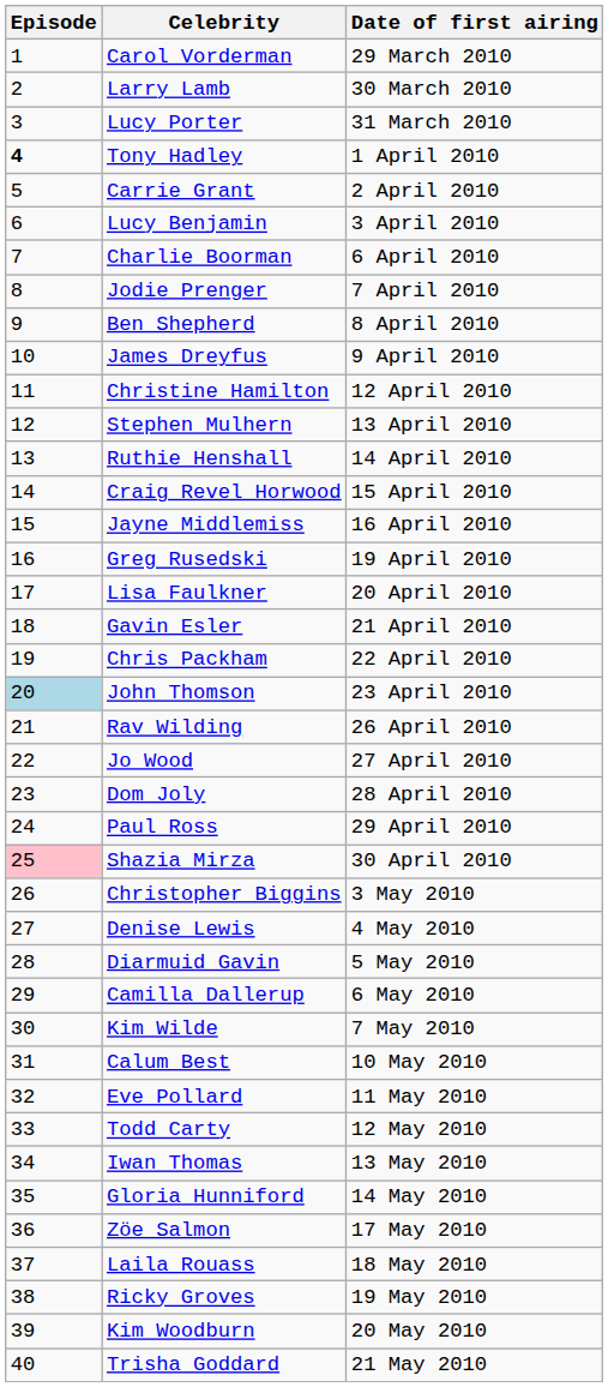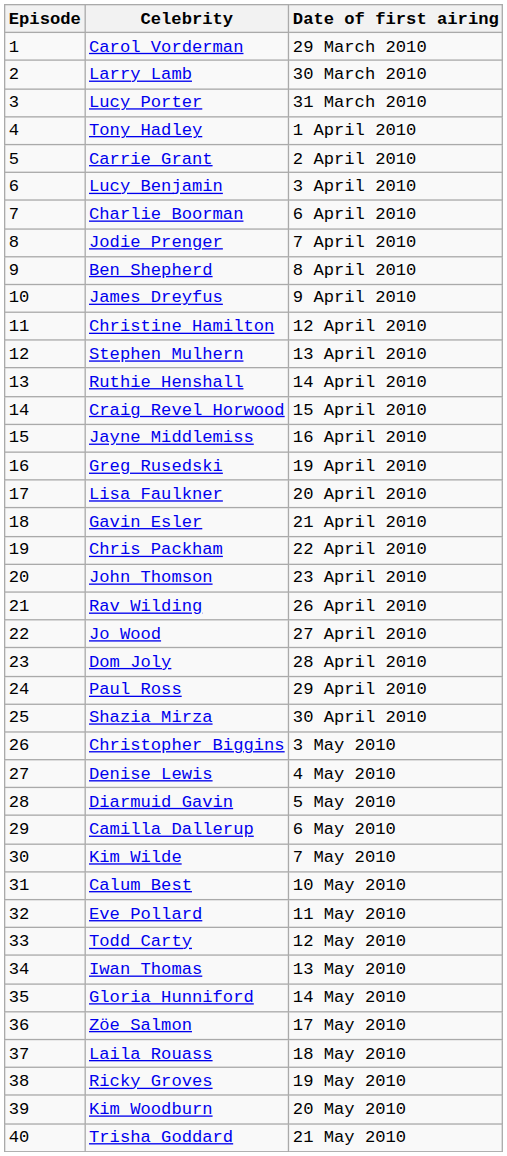 <table class="wikitable">
 <tr>
 <th>Episode</th>
 <th>Celebrity</th>
 <th>Date of first airing</th>
 </tr>
 <tr>
 <td>1</td>
 <td><a href='#'>Carol Vorderman</a></td>
 <td>29 March 2010</td>
 </tr>
 <tr>
 <td>2</td>
 <td><a href='#'>Larry Lamb</a></td>
 <td>30 March 2010</td>
 </tr>
 <tr>
 <td>3</td>
 <td><a href='#'>Lucy Porter</a></td>
 <td>31 March 2010</td>
 </tr>
 <tr>
-<td><strong>4</strong></td>
+<td>4</td>
 <td><a href='#'>Tony Hadley</a></td>
 <td>1 April 2010</td>
 </tr>
 <tr>
 <td>5</td>
 <td><a href='#'>Carrie Grant</a></td>
 <td>2 April 2010</td>
 </tr>
 <tr>
 <td>6</td>
 <td><a href='#'>Lucy Benjamin</a></td>
 <td>3 April 2010</td>
 </tr>
 <tr>
 <td>7</td>
 <td><a href='#'>Charlie Boorman</a></td>
 <td>6 April 2010</td>
 </tr>
 <tr>
 <td>8</td>
 <td><a href='#'>Jodie Prenger</a></td>
 <td>7 April 2010</td>
 </tr>
 <tr>
 <td>9</td>
 <td><a href='#'>Ben Shepherd</a></td>
 <td>8 April 2010</td>
 </tr>
 <tr>
 <td>10</td>
 <td><a href='#'>James Dreyfus</a></td>
 <td>9 April 2010</td>
 </tr>
 <tr>
 <td>11</td>
 <td><a href='#'>Christine Hamilton</a></td>
 <td>12 April 2010</td>
 </tr>
 <tr>
 <td>12</td>
 <td><a href='#'>Stephen Mulhern</a></td>
 <td>13 April 2010</td>
 </tr>
 <tr>
 <td>13</td>
 <td><a href='#'>Ruthie Henshall</a></td>
 <td>14 April 2010</td>
 </tr>
 <tr>
 <td>14</td>
 <td><a href='#'>Craig Revel Horwood</a></td>
 <td>15 April 2010</td>
 </tr>
 <tr>
 <td>15</td>
 <td><a href='#'>Jayne Middlemiss</a></td>
 <td>16 April 2010</td>
 </tr>
 <tr>
 <td>16</td>
 <td><a href='#'>Greg Rusedski</a></td>
 <td>19 April 2010</td>
 </tr>
 <tr>
 <td>17</td>
 <td><a href='#'>Lisa Faulkner</a></td>
 <td>20 April 2010</td>
 </tr>
 <tr>
 <td>18</td>
 <td><a href='#'>Gavin Esler</a></td>
 <td>21 April 2010</td>
 </tr>
 <tr>
 <td>19</td>
 <td><a href='#'>Chris Packham</a></td>
 <td>22 April 2010</td>
 </tr>
 <tr>
-<td style="background: lightblue;">20</td>
+<td>20</td>
 <td><a href='#'>John Thomson</a></td>
 <td>23 April 2010</td>
 </tr>
 <tr>
 <td>21</td>
 <td><a href='#'>Rav Wilding</a></td>
 <td>26 April 2010</td>
 </tr>
 <tr>
 <td>22</td>
 <td><a href='#'>Jo Wood</a></td>
 <td>27 April 2010</td>
 </tr>
 <tr>
 <td>23</td>
 <td><a href='#'>Dom Joly</a></td>
 <td>28 April 2010</td>
 </tr>
 <tr>
 <td>24</td>
 <td><a href='#'>Paul Ross</a></td>
 <td>29 April 2010</td>
 </tr>
 <tr>
-<td style="background: pink;">25</td>
+<td>25</td>
 <td><a href='#'>Shazia Mirza</a></td>
 <td>30 April 2010</td>
 </tr>
 <tr>
 <td>26</td>
 <td><a href='#'>Christopher Biggins</a></td>
 <td>3 May 2010</td>
 </tr>
 <tr>
 <td>27</td>
 <td><a href='#'>Denise Lewis</a></td>
 <td>4 May 2010</td>
 </tr>
 <tr>
 <td>28</td>
 <td><a href='#'>Diarmuid Gavin</a></td>
 <td>5 May 2010</td>
 </tr>
 <tr>
 <td>29</td>
 <td><a href='#'>Camilla Dallerup</a></td>
 <td>6 May 2010</td>
 </tr>
 <tr>
 <td>30</td>
 <td><a href='#'>Kim Wilde</a></td>
 <td>7 May 2010</td>
 </tr>
 <tr>
 <td>31</td>
 <td><a href='#'>Calum Best</a></td>
 <td>10 May 2010</td>
 </tr>
 <tr>
 <td>32</td>
 <td><a href='#'>Eve Pollard</a></td>
 <td>11 May 2010</td>
 </tr>
 <tr>
 <td>33</td>
 <td><a href='#'>Todd Carty</a></td>
 <td>12 May 2010</td>
 </tr>
 <tr>
 <td>34</td>
 <td><a href='#'>Iwan Thomas</a></td>
 <td>13 May 2010</td>
 </tr>
 <tr>
 <td>35</td>
 <td><a href='#'>Gloria Hunniford</a></td>
 <td>14 May 2010</td>
 </tr>
 <tr>
 <td>36</td>
 <td><a href='#'>Zöe Salmon</a></td>
 <td>17 May 2010</td>
 </tr>
 <tr>
 <td>37</td>
 <td><a href='#'>Laila Rouass</a></td>
 <td>18 May 2010</td>
 </tr>
 <tr>
 <td>38</td>
 <td><a href='#'>Ricky Groves</a></td>
 <td>19 May 2010</td>
 </tr>
 <tr>
 <td>39</td>
 <td><a href='#'>Kim Woodburn</a></td>
 <td>20 May 2010</td>
 </tr>
 <tr>
 <td>40</td>
 <td><a href='#'>Trisha Goddard</a></td>
 <td>21 May 2010</td>
 </tr>
 </table>
